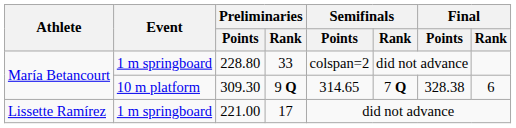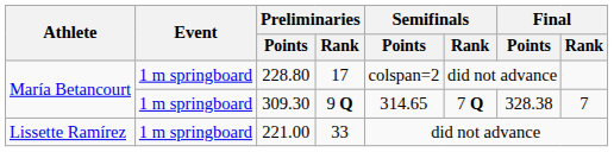 <table class=wikitable style="font-size:90%;">
 <tr>
 <th rowspan="2">Athlete</th>
 <th rowspan="2">Event</th>
 <th colspan="2">Preliminaries</th>
 <th colspan="2">Semifinals</th>
 <th colspan="2">Final</th>
 </tr>
 <tr style="font-size:95%">
 <th>Points</th>
 <th>Rank</th>
 <th>Points</th>
 <th>Rank</th>
 <th>Points</th>
 <th>Rank</th>
 </tr>
 <tr align=center>
 <td align=left rowspan=2><a href='#'>María Betancourt</a></td>
 <td align=left><a href='#'>1 m springboard</a></td>
 <td>228.80</td>
-<td>33</td>
+<td>17</td>
 <td>colspan=2 </td>
 <td colspan=2>did not advance</td>
 </tr>
 <tr align=center>
-<td align=left><a href='#'>10 m platform</a></td>
+<td align=left><a href='#'>1 m springboard</a></td>
 <td>309.30</td>
 <td>9 <strong>Q</strong></td>
 <td>314.65</td>
 <td>7 <strong>Q</strong></td>
 <td>328.38</td>
-<td>6</td>
+<td>7</td>
 </tr>
 <tr align=center>
 <td align=left><a href='#'>Lissette Ramírez</a></td>
 <td align=left><a href='#'>1 m springboard</a></td>
 <td>221.00</td>
-<td>17</td>
+<td>33</td>
 <td colspan=4>did not advance</td>
 </tr>
 </table>
